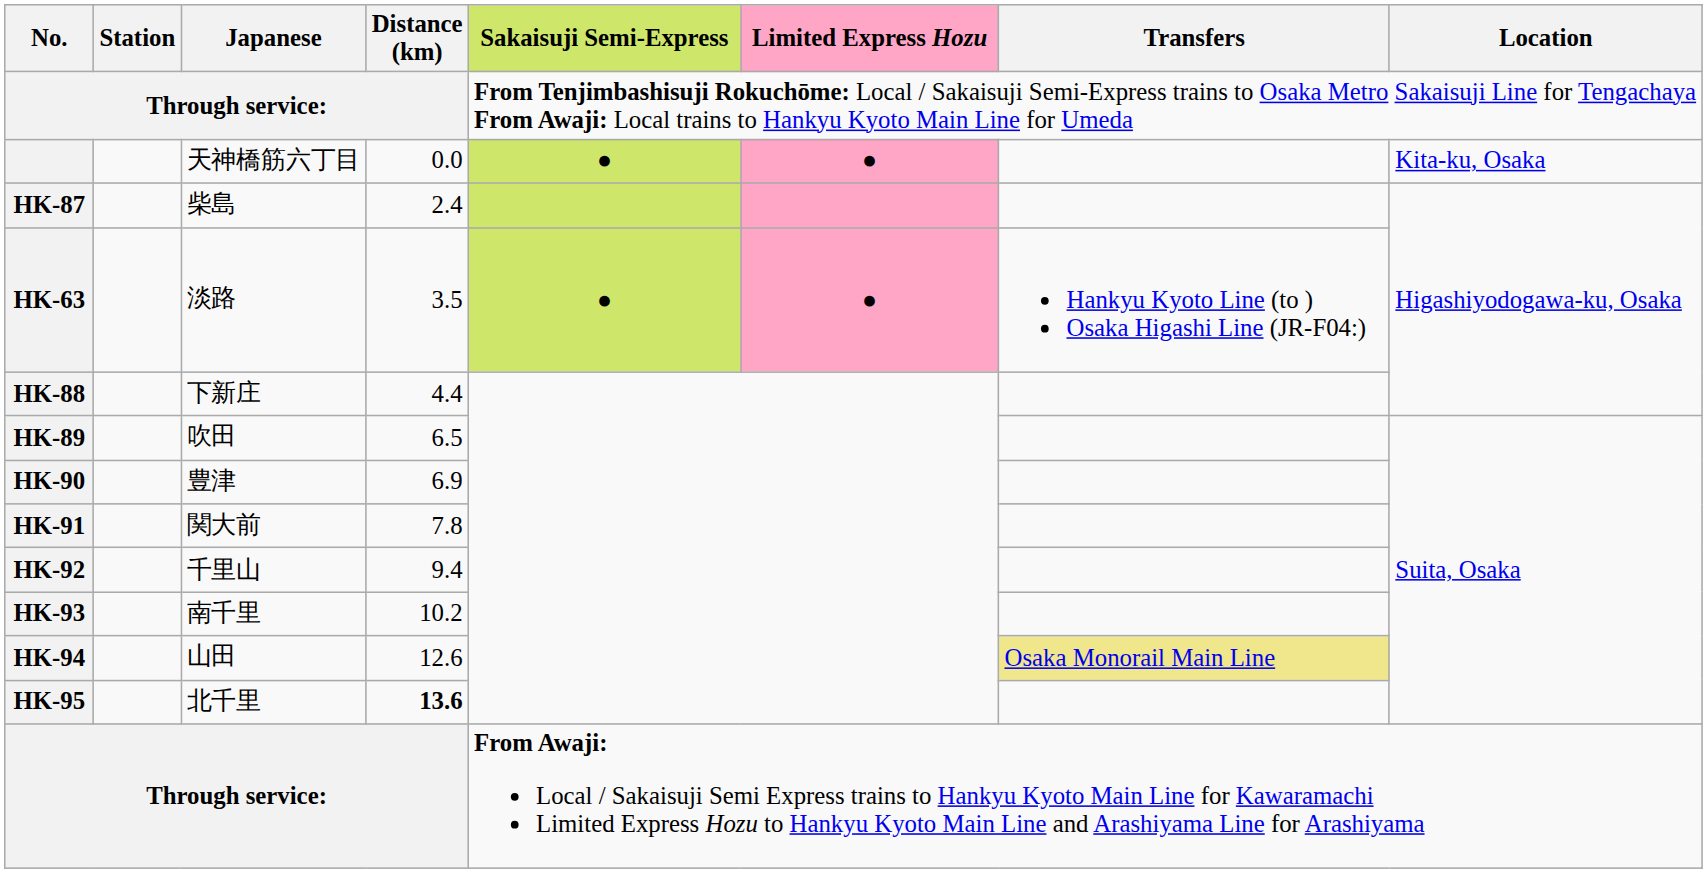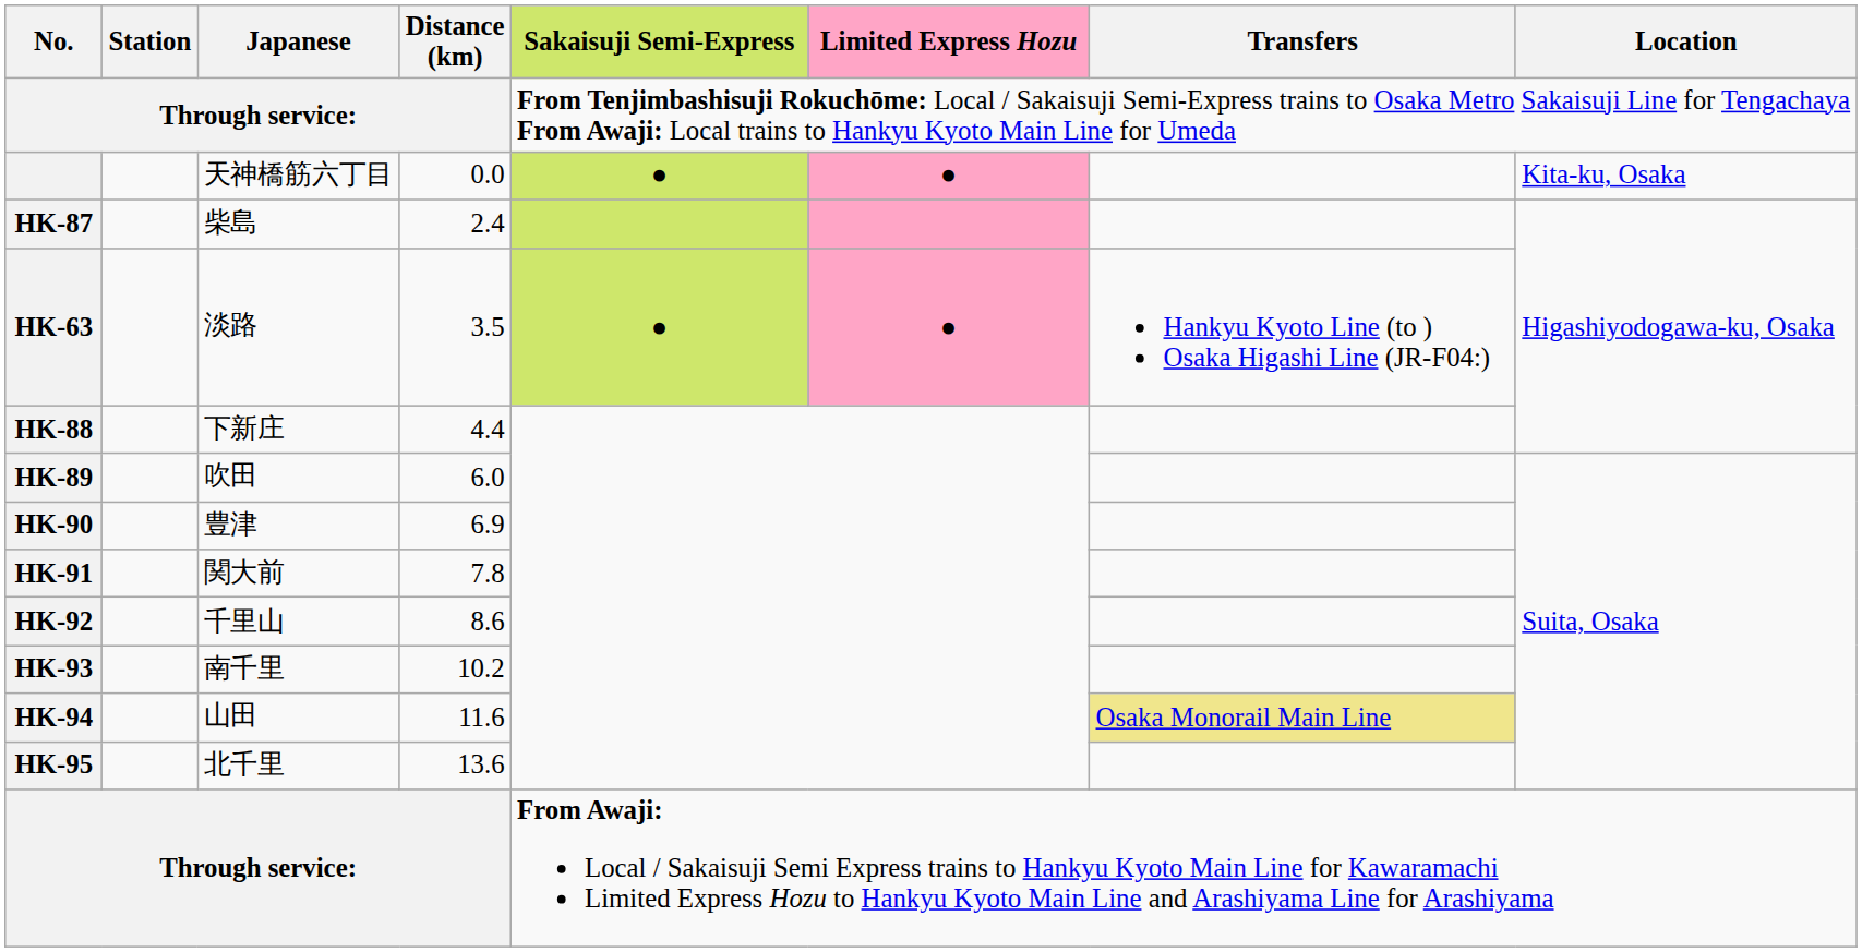 <table class=wikitable>
 <tr>
 <th width="50px">No.</th>
 <th>Station</th>
 <th>Japanese</th>
 <th>Distance (km)</th>
 <th style="background: #CEE76B; ">Sakaisuji Semi-Express</th>
 <th style="background: #FFA5C6; ">Limited Express <em>Hozu</em></th>
 <th>Transfers</th>
 <th>Location</th>
 </tr>
 <tr>
 <th colspan="4">Through service:</th>
 <td colspan="4"><strong>From Tenjimbashisuji Rokuchōme:</strong> Local / Sakaisuji Semi-Express trains to  <a href='#'>Osaka Metro</a> <a href='#'>Sakaisuji Line</a> for <a href='#'>Tengachaya</a><br><strong>From Awaji:</strong> Local trains to  <a href='#'>Hankyu Kyoto Main Line</a> for <a href='#'>Umeda</a></td>
 </tr>
 <tr>
 <th></th>
 <td></td>
 <td>天神橋筋六丁目</td>
 <td width="30px" align="right">0.0</td>
 <td style="background: #CEE76B; text-align:center">●</td>
 <td style="background: #FFA5C6; text-align:center">●</td>
 <td></td>
 <td><a href='#'>Kita-ku, Osaka</a></td>
 </tr>
 <tr>
 <th>HK-87</th>
 <td></td>
 <td>柴島</td>
 <td align="right">2.4</td>
 <td style="background: #CEE76B; text-align:center"><strong></strong></td>
 <td style="background: #FFA5C6; text-align:center"><strong></strong></td>
 <td> </td>
 <td rowspan=3><a href='#'>Higashiyodogawa-ku, Osaka</a></td>
 </tr>
 <tr>
 <th>HK-63</th>
 <td></td>
 <td>淡路</td>
 <td align="right">3.5</td>
 <td style="background: #CEE76B; text-align:center">●</td>
 <td style="background: #FFA5C6; text-align:center">●</td>
 <td><br><ul><li> <a href='#'>Hankyu Kyoto Line</a> (to )</li><li> <a href='#'>Osaka Higashi Line</a> (JR-F04:)</li></ul></td>
 </tr>
 <tr>
 <th>HK-88</th>
 <td></td>
 <td>下新庄</td>
 <td align="right">4.4</td>
 <td rowspan="8" colspan="2"> </td>
 <td> </td>
 </tr>
 <tr>
 <th>HK-89</th>
 <td></td>
 <td>吹田</td>
-<td align="right">6.5</td>
+<td align="right">6.0</td>
 <td> </td>
 <td rowspan=7><a href='#'>Suita, Osaka</a></td>
 </tr>
 <tr>
 <th>HK-90</th>
 <td></td>
 <td>豊津</td>
 <td align="right">6.9</td>
 <td> </td>
 </tr>
 <tr>
 <th>HK-91</th>
 <td></td>
 <td>関大前</td>
 <td align="right">7.8</td>
 <td> </td>
 </tr>
 <tr>
 <th>HK-92</th>
 <td></td>
 <td>千里山</td>
-<td align="right">9.4</td>
+<td align="right">8.6</td>
 <td> </td>
 </tr>
 <tr>
 <th>HK-93</th>
 <td></td>
 <td>南千里</td>
 <td align="right">10.2</td>
 <td> </td>
 </tr>
 <tr>
 <th>HK-94</th>
 <td></td>
 <td>山田</td>
-<td align="right">12.6</td>
+<td align="right">11.6</td>
 <td style="background: khaki;"><a href='#'>Osaka Monorail Main Line</a></td>
 </tr>
 <tr>
 <th>HK-95</th>
 <td></td>
 <td>北千里</td>
-<td align="right"><strong>13.6</strong></td>
+<td align="right">13.6</td>
 <td> </td>
 </tr>
 <tr>
 <th colspan="4">Through service:</th>
 <td colspan="4"><strong>From Awaji:</strong><br><ul><li>Local / Sakaisuji Semi Express trains to  <a href='#'>Hankyu Kyoto Main Line</a> for <a href='#'>Kawaramachi</a></li><li>Limited Express <em>Hozu</em> to  <a href='#'>Hankyu Kyoto Main Line</a> and <a href='#'>Arashiyama Line</a> for <a href='#'>Arashiyama</a></li></ul></td>
 </tr>
 </table>
